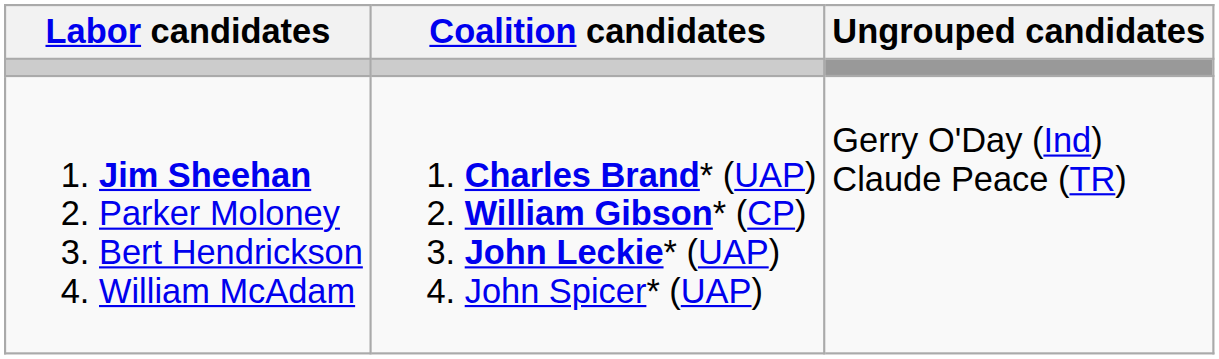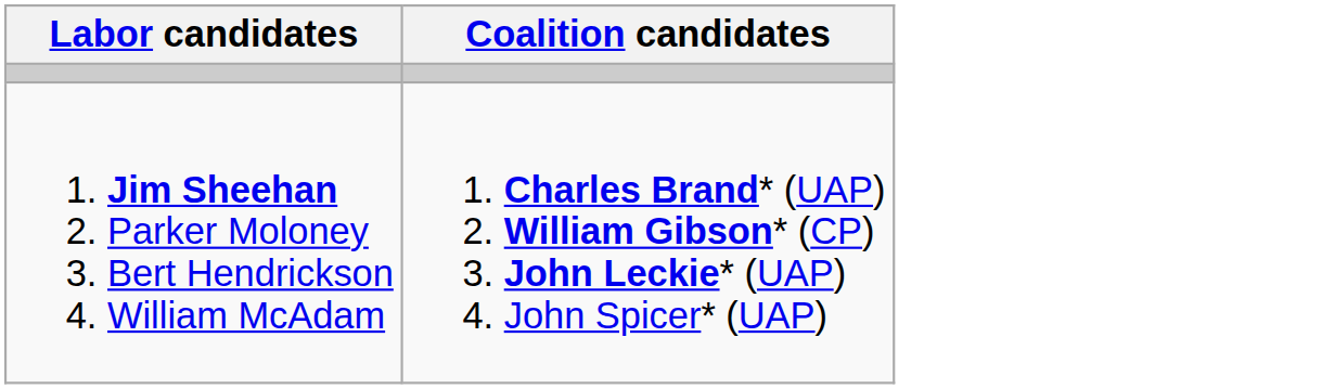 <table class="wikitable">
 <tr>
 <th><a href='#'>Labor</a> candidates</th>
 <th><a href='#'>Coalition</a> candidates</th>
-<th>Ungrouped candidates</th>
 </tr>
 <tr bgcolor="#cccccc">
 <td></td>
 <td></td>
-<td bgcolor="#999999"></td>
 </tr>
 <tr>
 <td valign=top><br><ol><li><strong><a href='#'>Jim Sheehan</a></strong></li><li><a href='#'>Parker Moloney</a></li><li><a href='#'>Bert Hendrickson</a></li><li><a href='#'>William McAdam</a></li></ol></td>
 <td><br><ol><li><strong><a href='#'>Charles Brand</a></strong>* (<a href='#'>UAP</a>)</li><li><strong><a href='#'>William Gibson</a></strong>* (<a href='#'>CP</a>)</li><li><strong><a href='#'>John Leckie</a></strong>* (<a href='#'>UAP</a>)</li><li><a href='#'>John Spicer</a>* (<a href='#'>UAP</a>)</li></ol></td>
-<td valign=top><br>Gerry O'Day (<a href='#'>Ind</a>)<br> Claude Peace (<a href='#'>TR</a>)</td>
 </tr>
 </table>
